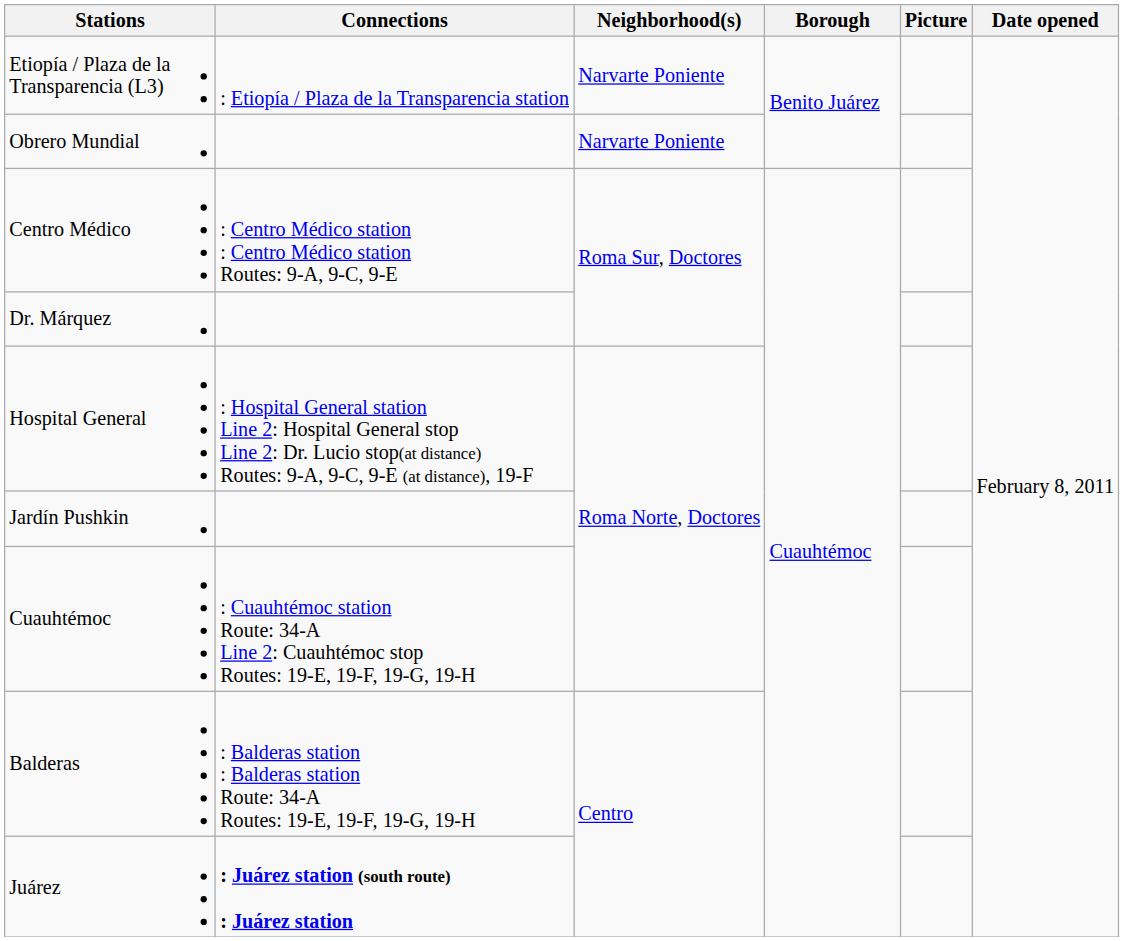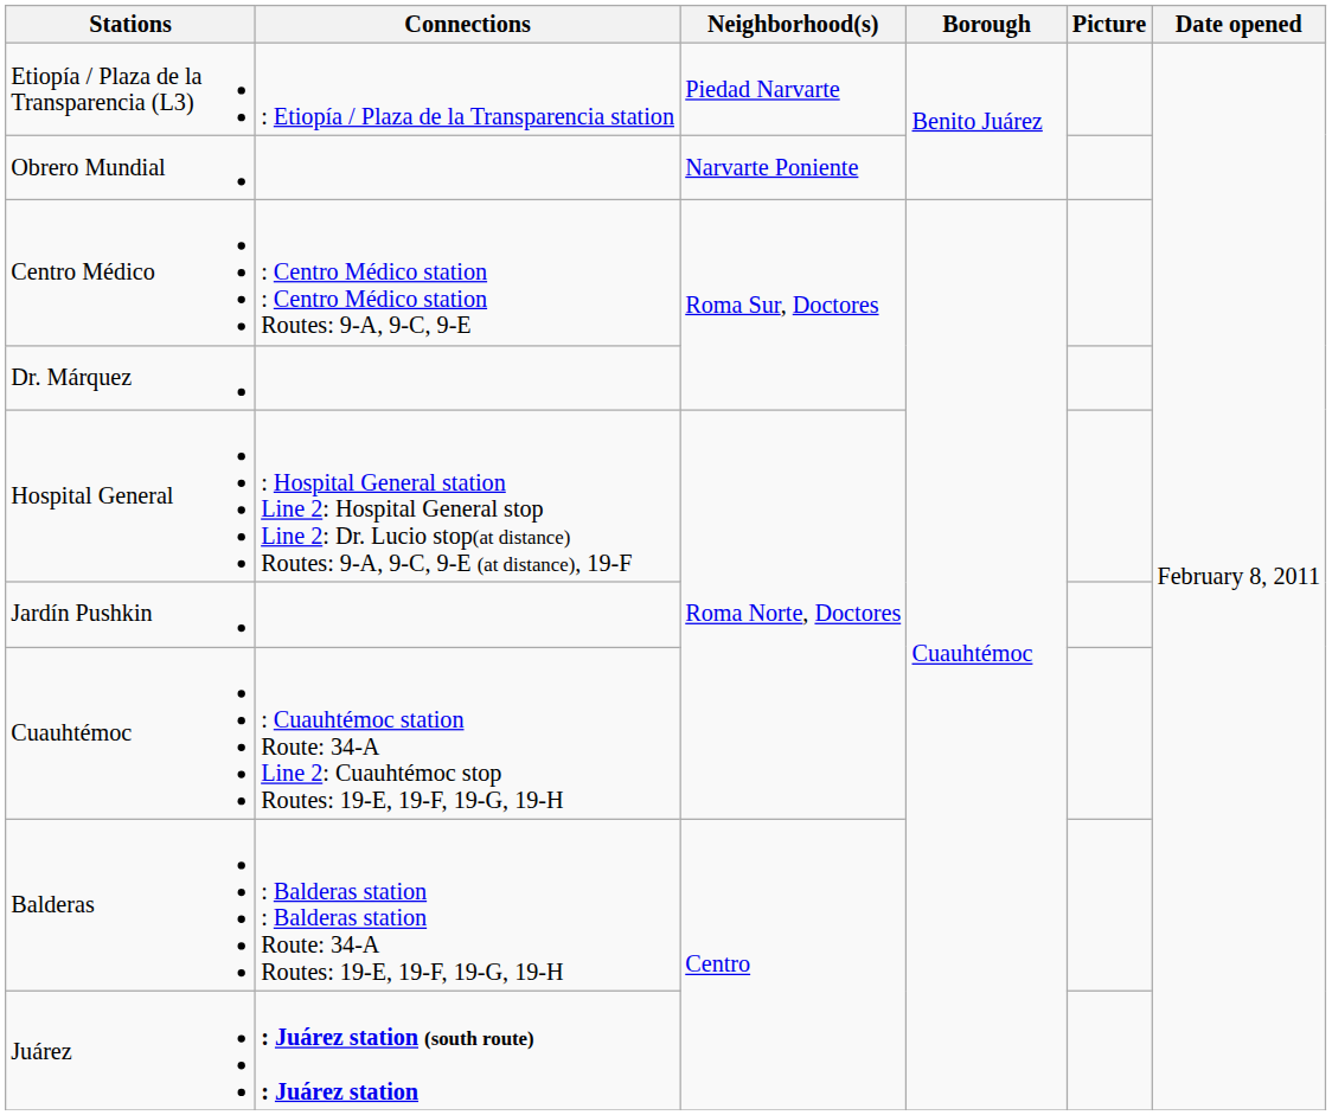 <table class="wikitable">
 <tr>
 <th width="160px">Stations</th>
 <th>Connections</th>
 <th>Neighborhood(s)</th>
 <th width="100px">Borough</th>
 <th>Picture</th>
 <th>Date opened</th>
 </tr>
 <tr>
 <td>Etiopía / Plaza de la Transparencia (L3)</td>
 <td><br><li></li> <li> : <a href='#'>Etiopía / Plaza de la Transparencia station</a></td>
-<td><a href='#'>Narvarte Poniente</a></td>
+<td><a href='#'>Piedad Narvarte</a></td>
 <td rowspan=2><a href='#'>Benito Juárez</a></td>
 <td></td>
 <td rowspan=9>February 8, 2011</td>
 </tr>
 <tr>
 <td>Obrero Mundial</td>
 <td><br><li></td>
 <td><a href='#'>Narvarte Poniente</a></td>
 <td></td>
 </tr>
 <tr>
 <td>Centro Médico</td>
 <td><br><li></li> <li> : <a href='#'>Centro Médico station</a></li> <li> : <a href='#'>Centro Médico station</a></li> <li> Routes: 9-A, 9-C, 9-E</td>
 <td rowspan=2><a href='#'>Roma Sur</a>, <a href='#'>Doctores</a></td>
 <td rowspan=7><a href='#'>Cuauhtémoc</a></td>
 <td></td>
 </tr>
 <tr>
 <td>Dr. Márquez</td>
 <td><br><li></td>
 <td></td>
 </tr>
 <tr>
 <td>Hospital General</td>
 <td><br><li></li> <li> : <a href='#'>Hospital General station</a></li> <li> <a href='#'>Line 2</a>: Hospital General stop</li> <li> <a href='#'>Line 2</a>: Dr. Lucio stop<small>(at distance)</small></li> <li> Routes: 9-A, 9-C, 9-E <small>(at distance)</small>, 19-F</td>
 <td rowspan=3><a href='#'>Roma Norte</a>, <a href='#'>Doctores</a></td>
 <td></td>
 </tr>
 <tr>
 <td>Jardín Pushkin</td>
 <td><br><li></td>
 <td></td>
 </tr>
 <tr>
 <td>Cuauhtémoc</td>
 <td><br><li></li> <li> : <a href='#'>Cuauhtémoc station</a></li> <li> Route: 34-A</li> <li> <a href='#'>Line 2</a>: Cuauhtémoc stop</li> <li> Routes: 19-E, 19-F, 19-G, 19-H</td>
 <td></td>
 </tr>
 <tr>
 <td>Balderas</td>
 <td><br><li></li> <li> : <a href='#'>Balderas station</a></li> <li> : <a href='#'>Balderas station</a></li> <li> Route: 34-A</li> <li> Routes: 19-E, 19-F, 19-G, 19-H</td>
 <td rowspan=2><a href='#'>Centro</a></td>
 <td></td>
 </tr>
 <tr>
 <td>Juárez</td>
 <td><strong><br><li> : <a href='#'>Juárez station</a> <small>(south route)</small></li> <li></li> <li> : <a href='#'>Juárez station</a></strong></td>
 <td></td>
 </tr>
 </table>
